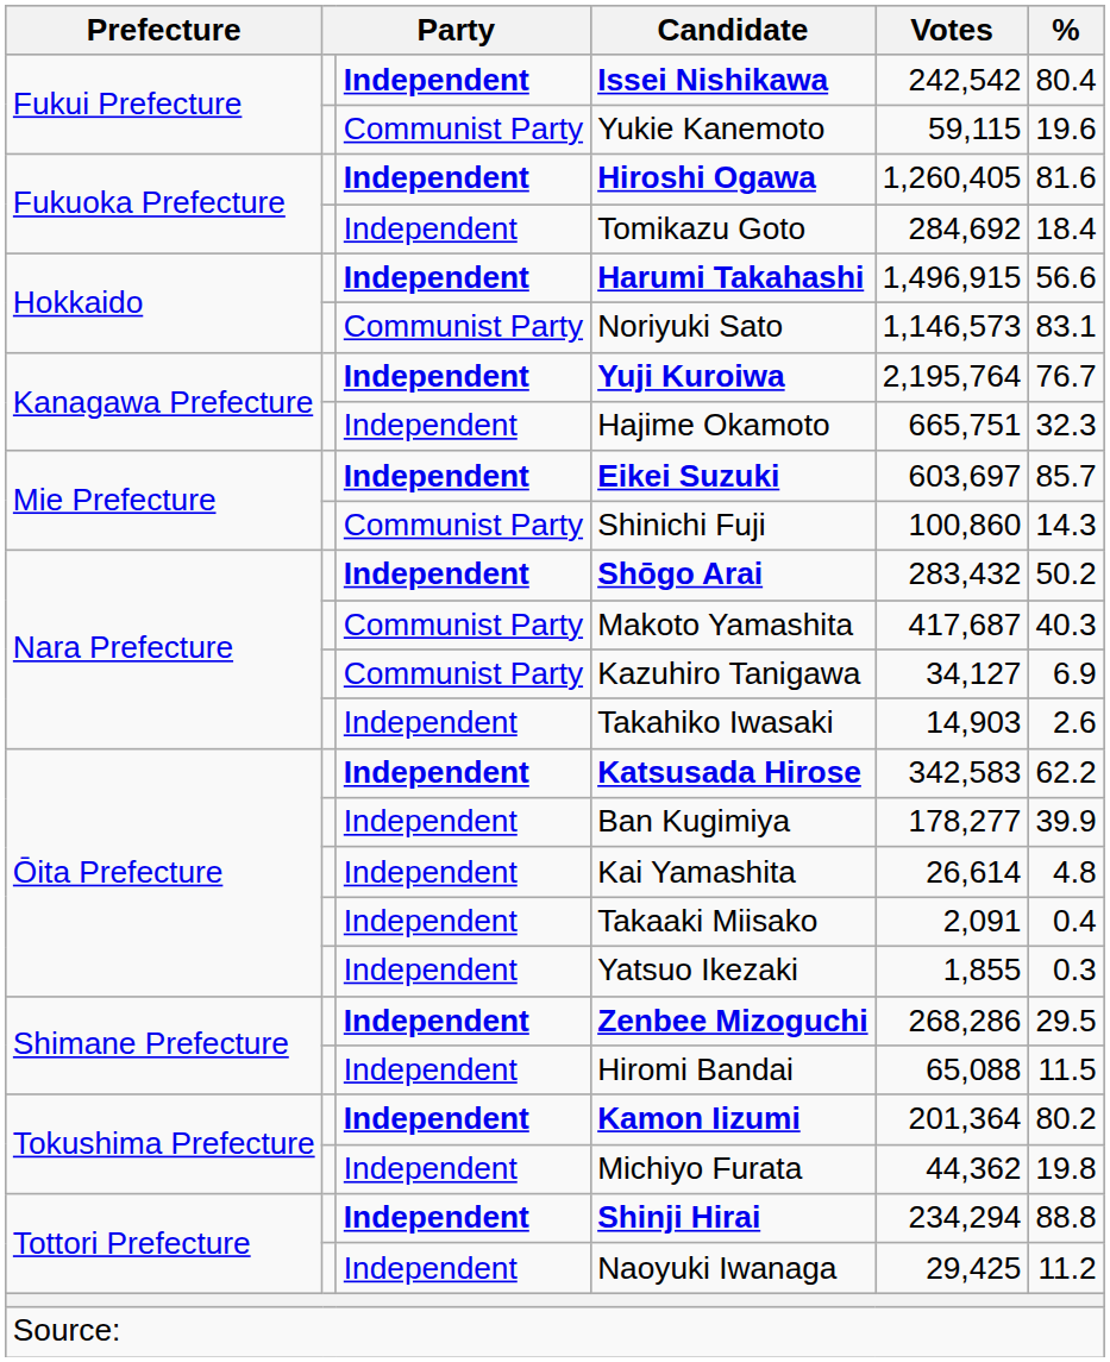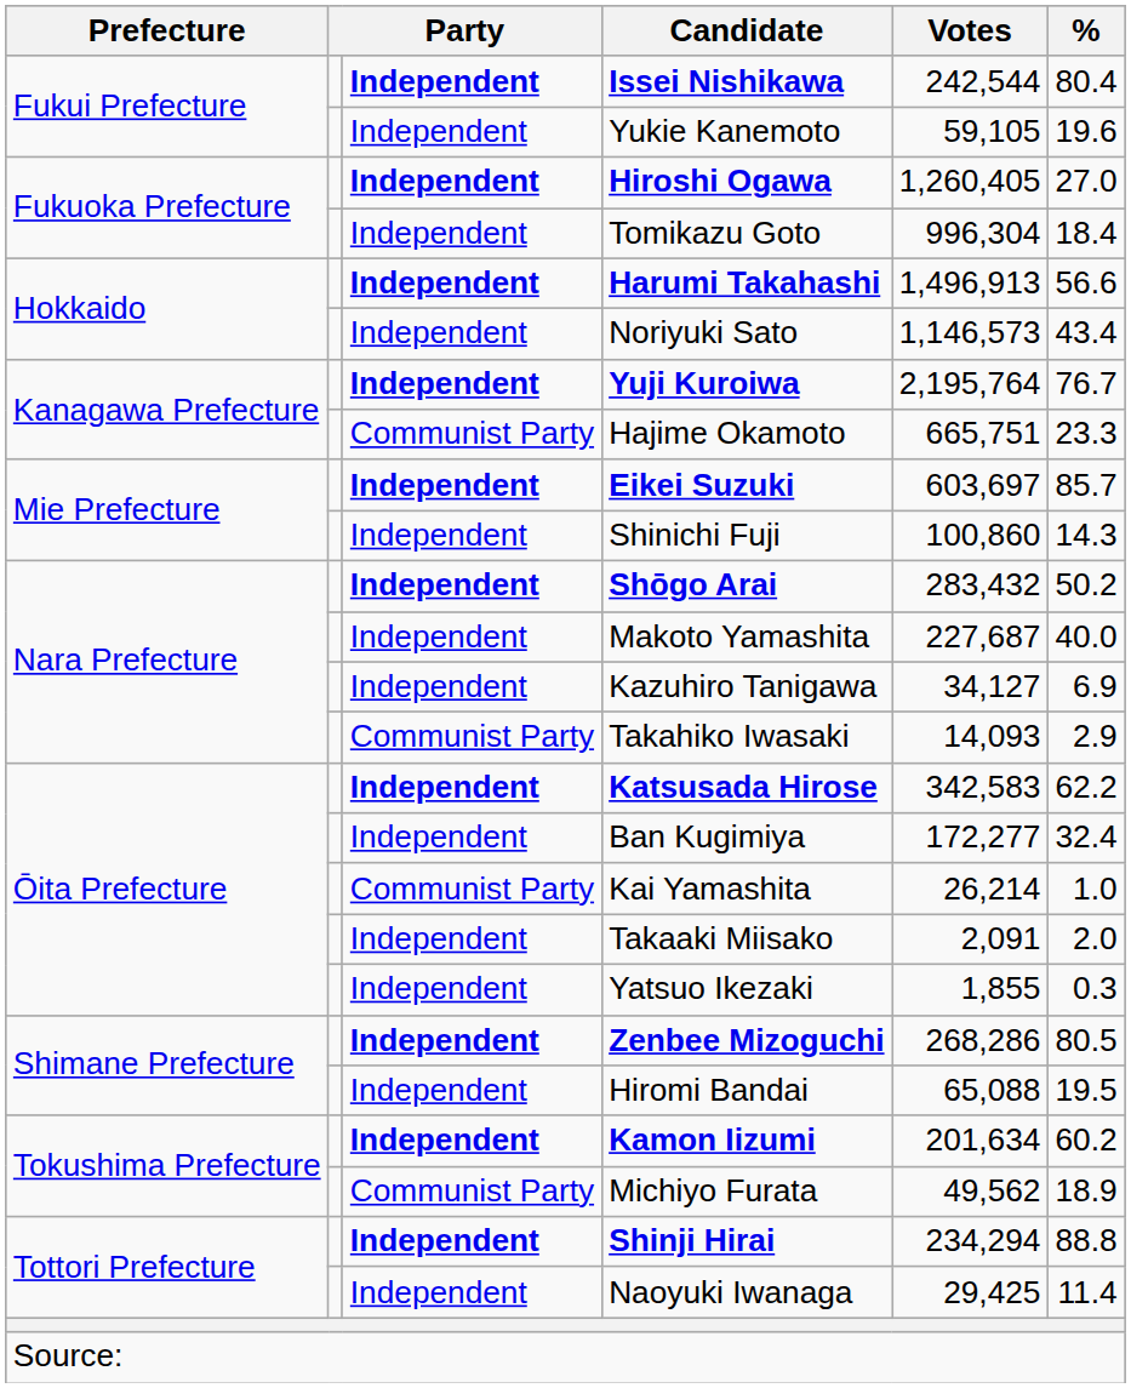 <table class="wikitable">
 <tr>
 <th>Prefecture</th>
 <th colspan="2">Party</th>
 <th>Candidate</th>
 <th>Votes</th>
 <th>%</th>
 </tr>
 <tr>
 <td rowspan="2"><a href='#'>Fukui Prefecture</a></td>
 <td></td>
 <td><a href='#'><strong>Independent</strong></a></td>
 <td><strong><a href='#'>Issei Nishikawa</a></strong></td>
-<td align="right">242,542</td>
+<td align="right">242,544</td>
 <td align="right">80.4</td>
 </tr>
 <tr>
 <td></td>
-<td><a href='#'>Communist Party</a></td>
+<td><a href='#'>Independent</a></td>
 <td>Yukie Kanemoto</td>
-<td align="right">59,115</td>
+<td align="right">59,105</td>
 <td align="right">19.6</td>
 </tr>
 <tr>
 <td rowspan="2"><a href='#'>Fukuoka Prefecture</a></td>
 <td></td>
 <td><a href='#'><strong>Independent</strong></a></td>
 <td><strong><a href='#'>Hiroshi Ogawa</a></strong></td>
 <td align="right">1,260,405</td>
-<td align="right">81.6</td>
+<td align="right">27.0</td>
 </tr>
 <tr>
 <td></td>
 <td><a href='#'>Independent</a></td>
 <td>Tomikazu Goto</td>
-<td align="right">284,692</td>
+<td align="right">996,304</td>
 <td align="right">18.4</td>
 </tr>
 <tr>
 <td rowspan="2"><a href='#'>Hokkaido</a></td>
 <td></td>
 <td><a href='#'><strong>Independent</strong></a></td>
 <td><strong><a href='#'>Harumi Takahashi</a></strong></td>
-<td align="right">1,496,915</td>
+<td align="right">1,496,913</td>
 <td align="right">56.6</td>
 </tr>
 <tr>
 <td></td>
-<td><a href='#'>Communist Party</a></td>
+<td><a href='#'>Independent</a></td>
 <td>Noriyuki Sato</td>
 <td align="right">1,146,573</td>
-<td align="right">83.1</td>
+<td align="right">43.4</td>
 </tr>
 <tr>
 <td rowspan="2"><a href='#'>Kanagawa Prefecture</a></td>
 <td></td>
 <td><a href='#'><strong>Independent</strong></a></td>
 <td><strong><a href='#'>Yuji Kuroiwa</a></strong></td>
 <td align="right">2,195,764</td>
 <td align="right">76.7</td>
 </tr>
 <tr>
 <td></td>
-<td><a href='#'>Independent</a></td>
+<td><a href='#'>Communist Party</a></td>
 <td>Hajime Okamoto</td>
 <td align="right">665,751</td>
-<td align="right">32.3</td>
+<td align="right">23.3</td>
 </tr>
 <tr>
 <td rowspan="2"><a href='#'>Mie Prefecture</a></td>
 <td></td>
 <td><a href='#'><strong>Independent</strong></a></td>
 <td><strong><a href='#'>Eikei Suzuki</a></strong></td>
 <td align="right">603,697</td>
 <td align="right">85.7</td>
 </tr>
 <tr>
 <td></td>
-<td><a href='#'>Communist Party</a></td>
+<td><a href='#'>Independent</a></td>
 <td>Shinichi Fuji</td>
 <td align="right">100,860</td>
 <td align="right">14.3</td>
 </tr>
 <tr>
 <td rowspan="4"><a href='#'>Nara Prefecture</a></td>
 <td></td>
 <td><a href='#'><strong>Independent</strong></a></td>
 <td><strong><a href='#'>Shōgo Arai</a></strong></td>
 <td align="right">283,432</td>
 <td align="right">50.2</td>
 </tr>
 <tr>
 <td></td>
-<td><a href='#'>Communist Party</a></td>
+<td><a href='#'>Independent</a></td>
 <td>Makoto Yamashita</td>
-<td align="right">417,687</td>
-<td align="right">40.3</td>
+<td align="right">227,687</td>
+<td align="right">40.0</td>
 </tr>
 <tr>
 <td></td>
-<td><a href='#'>Communist Party</a></td>
+<td><a href='#'>Independent</a></td>
 <td>Kazuhiro Tanigawa</td>
 <td align="right">34,127</td>
 <td align="right">6.9</td>
 </tr>
 <tr>
 <td></td>
-<td><a href='#'>Independent</a></td>
+<td><a href='#'>Communist Party</a></td>
 <td>Takahiko Iwasaki</td>
-<td align="right">14,903</td>
-<td align="right">2.6</td>
+<td align="right">14,093</td>
+<td align="right">2.9</td>
 </tr>
 <tr>
 <td rowspan="5"><a href='#'>Ōita Prefecture</a></td>
 <td></td>
 <td><a href='#'><strong>Independent</strong></a></td>
 <td><strong><a href='#'>Katsusada Hirose</a></strong></td>
 <td align="right">342,583</td>
 <td align="right">62.2</td>
 </tr>
 <tr>
 <td></td>
 <td><a href='#'>Independent</a></td>
 <td>Ban Kugimiya</td>
-<td align="right">178,277</td>
-<td align="right">39.9</td>
+<td align="right">172,277</td>
+<td align="right">32.4</td>
 </tr>
 <tr>
 <td></td>
-<td><a href='#'>Independent</a></td>
+<td><a href='#'>Communist Party</a></td>
 <td>Kai Yamashita</td>
-<td align="right">26,614</td>
-<td align="right">4.8</td>
+<td align="right">26,214</td>
+<td align="right">1.0</td>
 </tr>
 <tr>
 <td></td>
 <td><a href='#'>Independent</a></td>
 <td>Takaaki Miisako</td>
 <td align="right">2,091</td>
-<td align="right">0.4</td>
+<td align="right">2.0</td>
 </tr>
 <tr>
 <td></td>
 <td><a href='#'>Independent</a></td>
 <td>Yatsuo Ikezaki</td>
 <td align="right">1,855</td>
 <td align="right">0.3</td>
 </tr>
 <tr>
 <td rowspan="2"><a href='#'>Shimane Prefecture</a></td>
 <td></td>
 <td><a href='#'><strong>Independent</strong></a></td>
 <td><strong><a href='#'>Zenbee Mizoguchi</a></strong></td>
 <td align="right">268,286</td>
-<td align="right">29.5</td>
+<td align="right">80.5</td>
 </tr>
 <tr>
 <td></td>
 <td><a href='#'>Independent</a></td>
 <td>Hiromi Bandai</td>
 <td align="right">65,088</td>
-<td align="right">11.5</td>
+<td align="right">19.5</td>
 </tr>
 <tr>
 <td rowspan="2"><a href='#'>Tokushima Prefecture</a></td>
 <td></td>
 <td><a href='#'><strong>Independent</strong></a></td>
 <td><strong><a href='#'>Kamon Iizumi</a></strong></td>
-<td align="right">201,364</td>
-<td align="right">80.2</td>
+<td align="right">201,634</td>
+<td align="right">60.2</td>
 </tr>
 <tr>
 <td></td>
-<td><a href='#'>Independent</a></td>
+<td><a href='#'>Communist Party</a></td>
 <td>Michiyo Furata</td>
-<td align="right">44,362</td>
-<td align="right">19.8</td>
+<td align="right">49,562</td>
+<td align="right">18.9</td>
 </tr>
 <tr>
 <td rowspan="2"><a href='#'>Tottori Prefecture</a></td>
 <td></td>
 <td><a href='#'><strong>Independent</strong></a></td>
 <td><strong><a href='#'>Shinji Hirai</a></strong></td>
 <td align="right">234,294</td>
 <td align="right">88.8</td>
 </tr>
 <tr>
 <td></td>
 <td><a href='#'>Independent</a></td>
 <td>Naoyuki Iwanaga</td>
 <td align="right">29,425</td>
-<td align="right">11.2</td>
+<td align="right">11.4</td>
 </tr>
 <tr>
 <th colspan="6"></th>
 </tr>
 <tr>
 <td colspan="6">Source: </td>
 </tr>
 </table>
